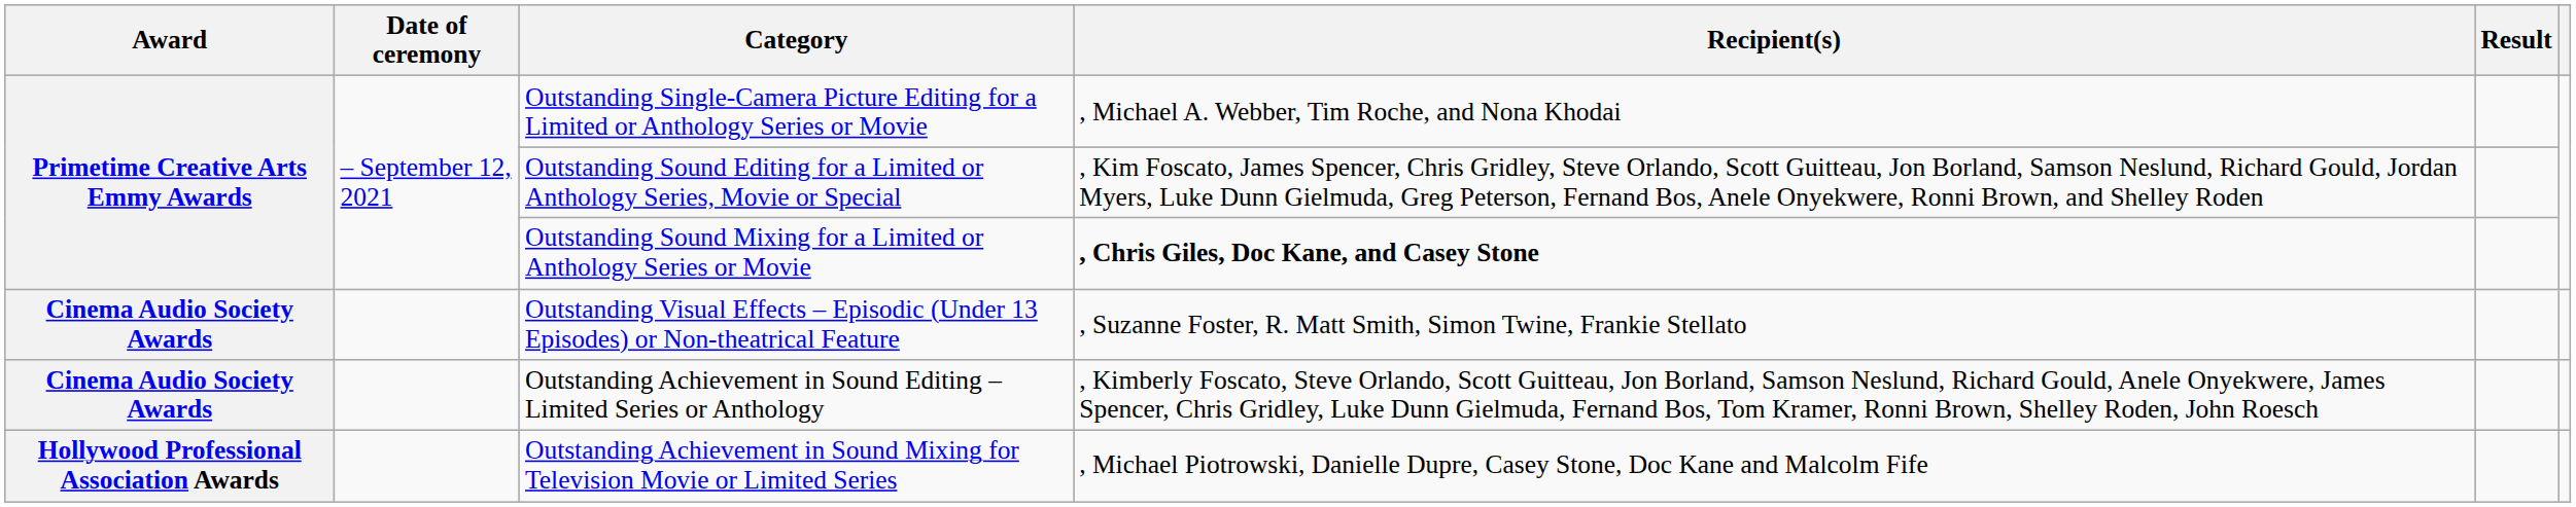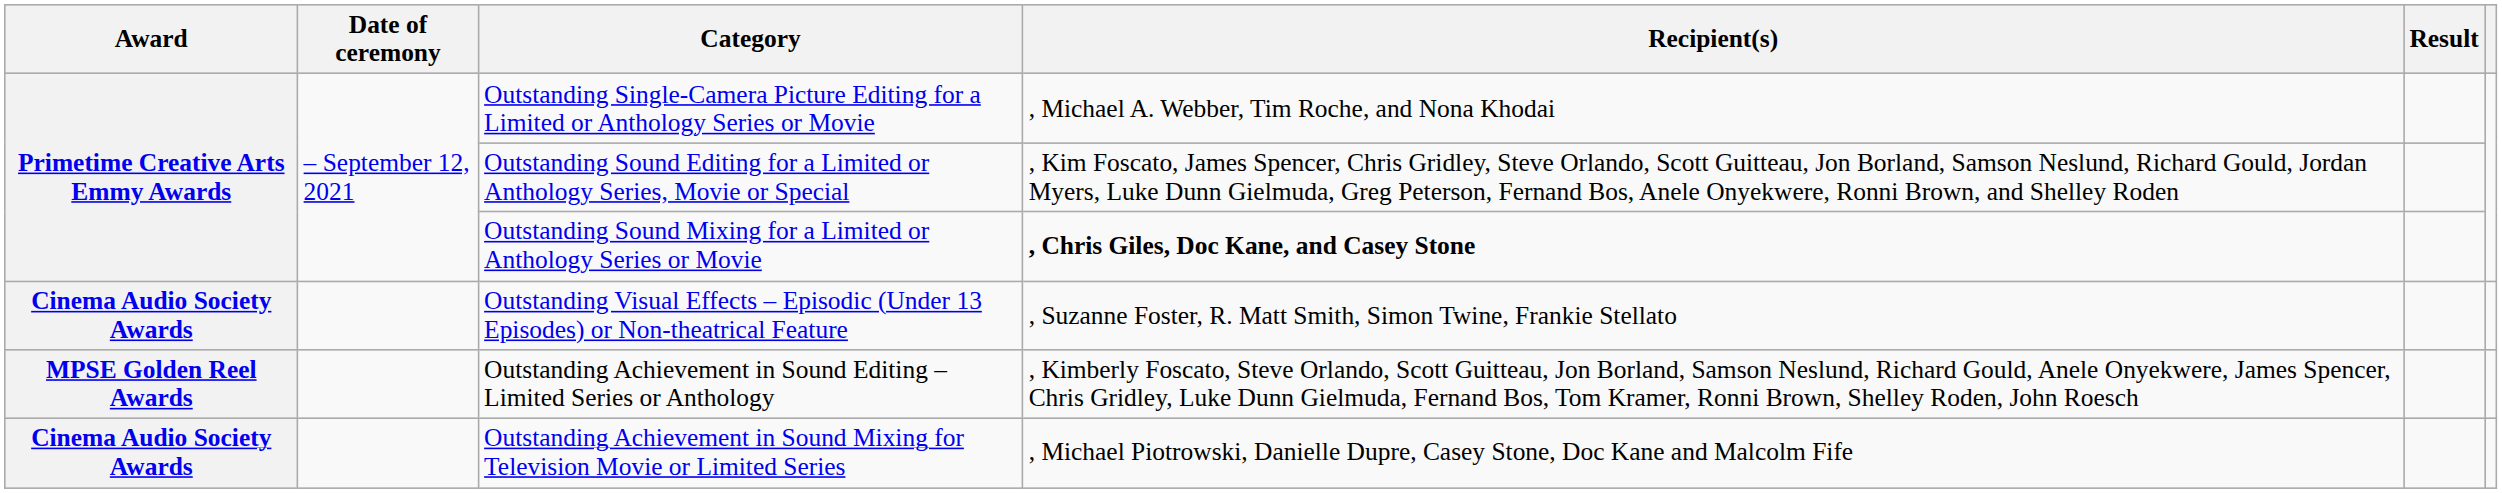 <table class="wikitable plainrowheaders sortable">
 <tr>
 <th scope="col">Award</th>
 <th scope="col">Date of ceremony</th>
 <th scope="col">Category</th>
 <th scope="col">Recipient(s)</th>
 <th scope="col">Result</th>
 <th scope="col" class="unsortable"></th>
 </tr>
 <tr>
 <th scope="row" rowspan="3" style="text-align:center;"><a href='#'>Primetime Creative Arts Emmy Awards</a></th>
 <td rowspan="3"><a href='#'> – September 12, 2021</a></td>
 <td><a href='#'>Outstanding Single-Camera Picture Editing for a Limited or Anthology Series or Movie</a></td>
 <td>, Michael A. Webber, Tim Roche, and Nona Khodai</td>
 <td></td>
 <td rowspan="3" style="text-align:center;"></td>
 </tr>
 <tr>
 <td><a href='#'>Outstanding Sound Editing for a Limited or Anthology Series, Movie or Special</a></td>
 <td>, Kim Foscato, James Spencer, Chris Gridley, Steve Orlando, Scott Guitteau, Jon Borland, Samson Neslund, Richard Gould, Jordan Myers, Luke Dunn Gielmuda, Greg Peterson, Fernand Bos, Anele Onyekwere, Ronni Brown, and Shelley Roden</td>
 <td></td>
 </tr>
 <tr>
 <td><a href='#'>Outstanding Sound Mixing for a Limited or Anthology Series or Movie</a></td>
 <td><strong>, Chris Giles, Doc Kane, and Casey Stone</strong></td>
 <td></td>
 </tr>
 <tr>
 <th scope="row" style="text-align:center;"><a href='#'>Cinema Audio Society Awards</a></th>
 <td></td>
 <td><a href='#'>Outstanding Visual Effects – Episodic (Under 13 Episodes) or Non-theatrical Feature</a></td>
 <td>, Suzanne Foster, R. Matt Smith, Simon Twine, Frankie Stellato</td>
 <td></td>
 <td style="text-align:center;"></td>
 </tr>
 <tr>
-<th scope="row" style="text-align:center;"><a href='#'>Cinema Audio Society Awards</a></th>
+<th scope="row" style="text-align:center;"><a href='#'>MPSE Golden Reel Awards</a></th>
 <td><a href='#'></a></td>
 <td>Outstanding Achievement in Sound Editing – Limited Series or Anthology</td>
 <td>, Kimberly Foscato, Steve Orlando, Scott Guitteau, Jon Borland, Samson Neslund, Richard Gould, Anele Onyekwere, James Spencer, Chris Gridley, Luke Dunn Gielmuda, Fernand Bos, Tom Kramer, Ronni Brown, Shelley Roden, John Roesch</td>
 <td></td>
 <td style="text-align:center;"></td>
 </tr>
 <tr>
-<th scope="row" style="text-align:center;"><a href='#'>Hollywood Professional Association</a> Awards</th>
+<th scope="row" style="text-align:center;"><a href='#'>Cinema Audio Society Awards</a></th>
 <td><a href='#'></a></td>
 <td><a href='#'>Outstanding Achievement in Sound Mixing for Television Movie or Limited Series</a></td>
 <td>, Michael Piotrowski, Danielle Dupre, Casey Stone, Doc Kane and Malcolm Fife</td>
 <td></td>
 <td style="text-align:center;"></td>
 </tr>
 </table>
